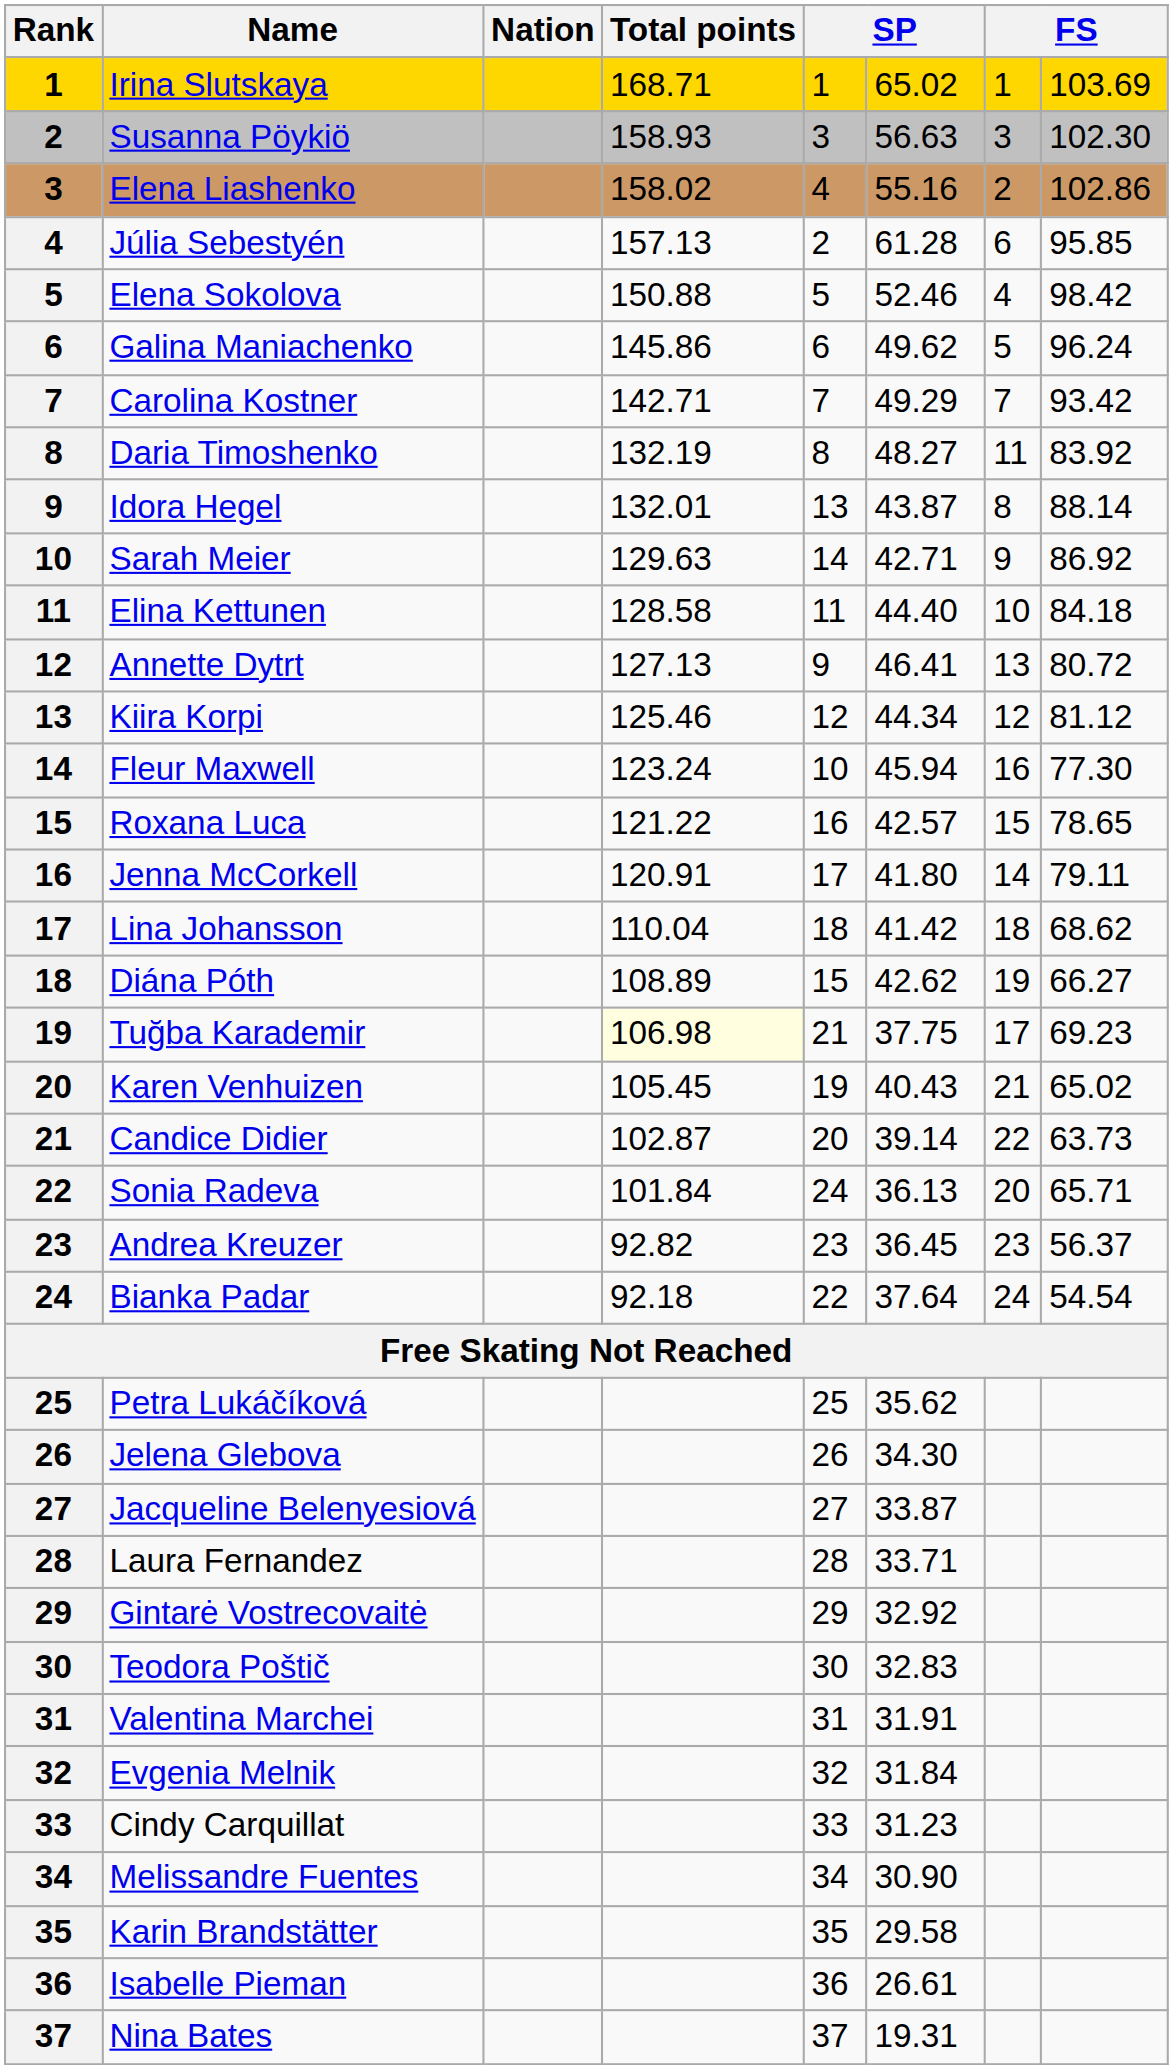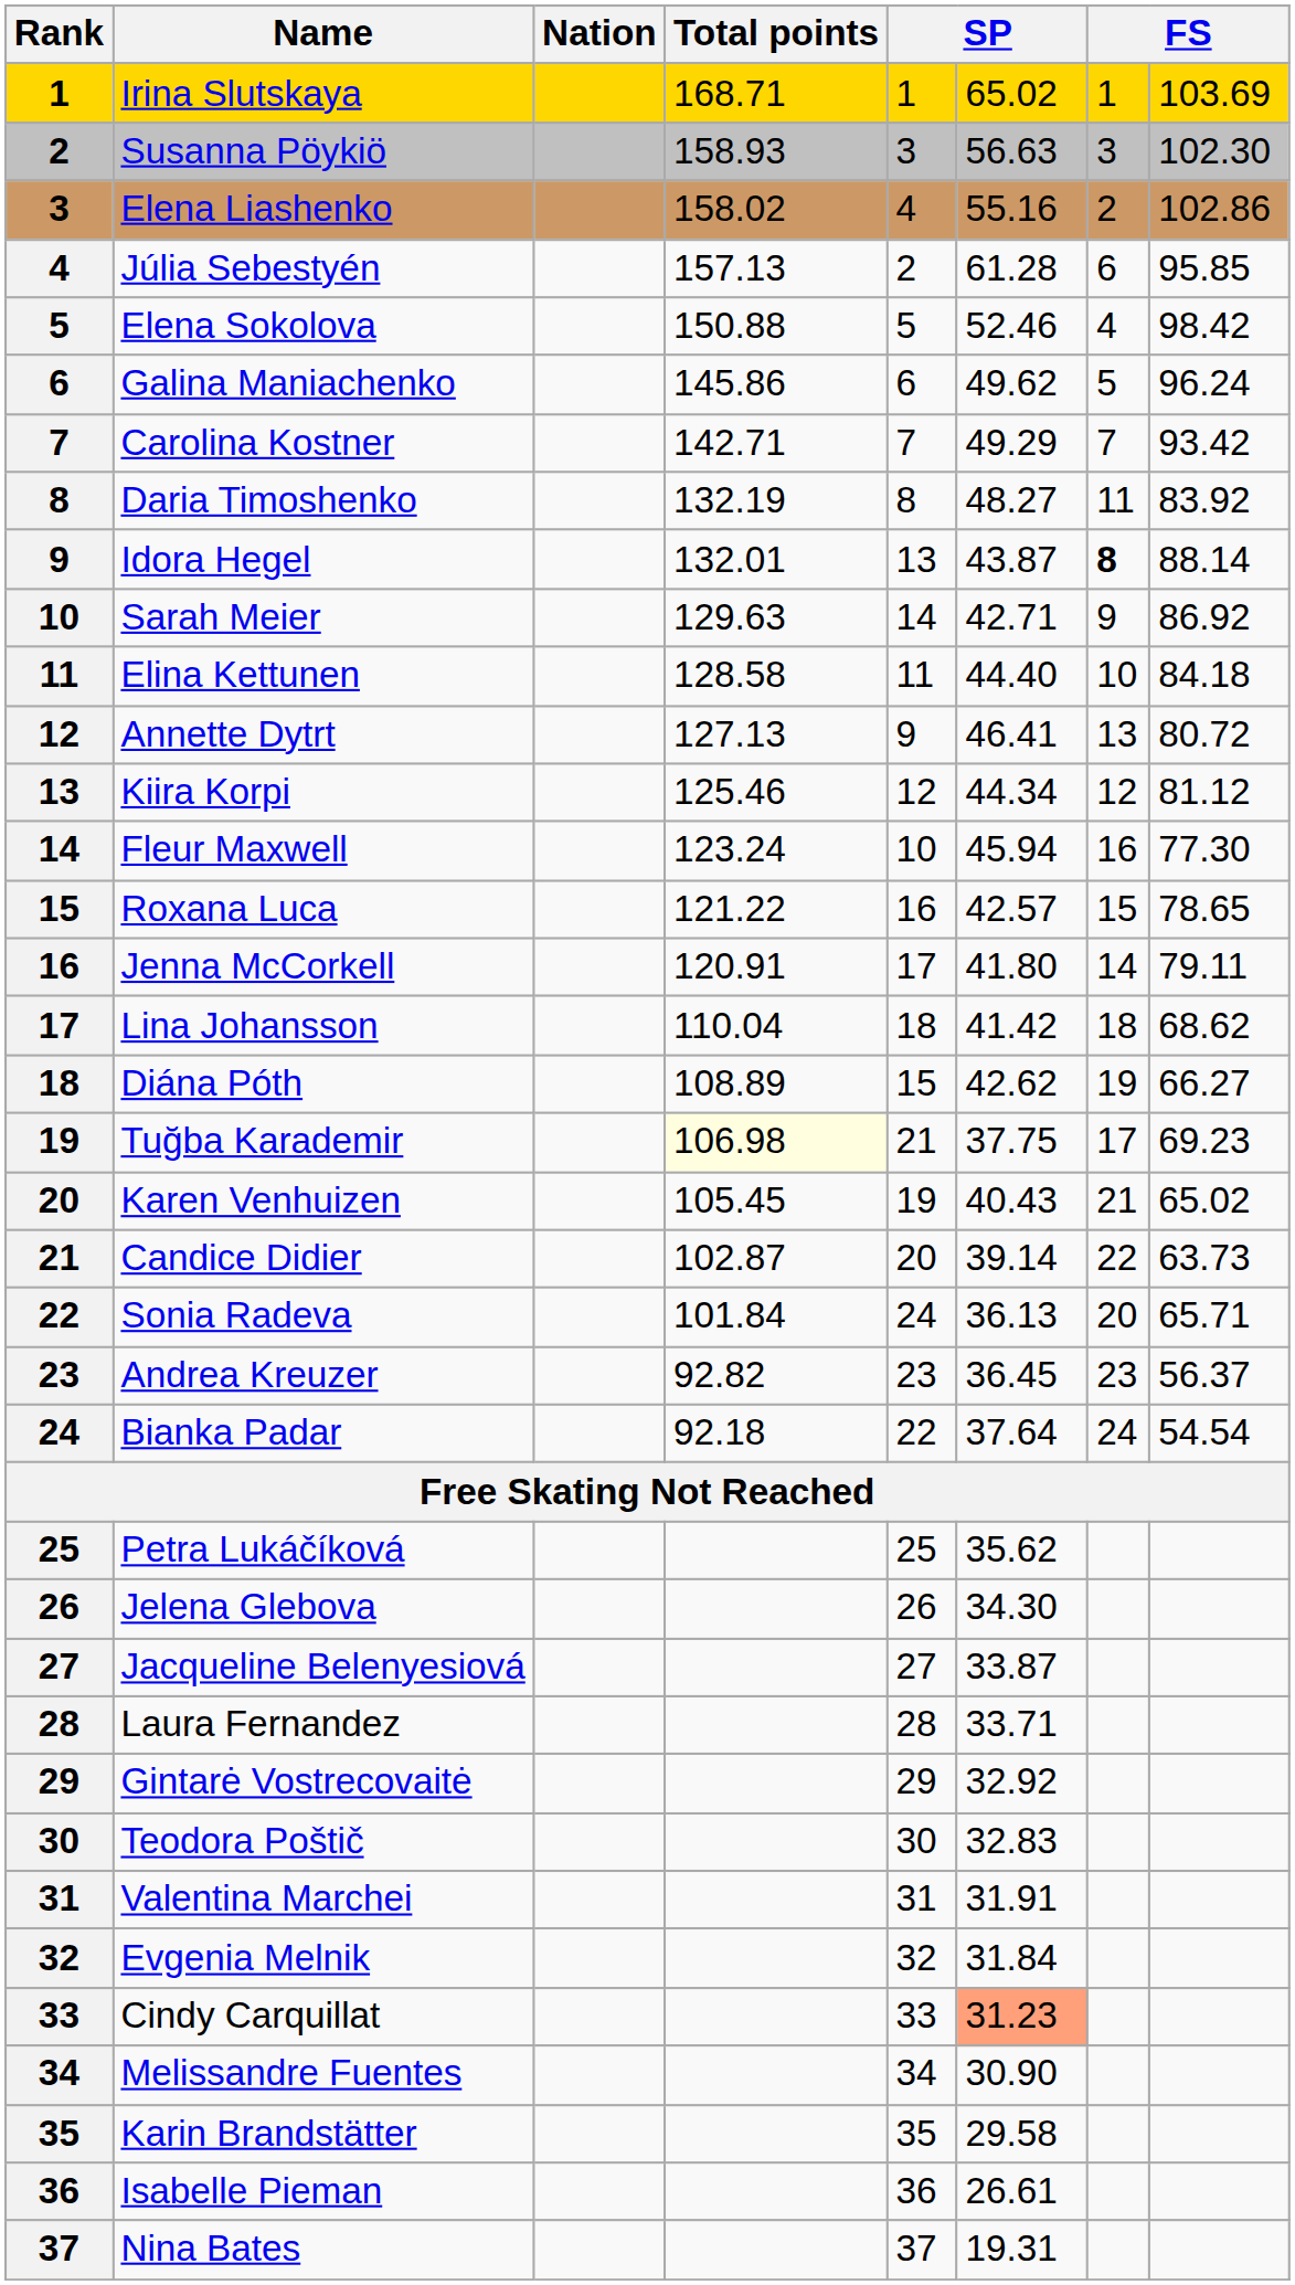 <table class="wikitable">
 <tr>
 <th>Rank</th>
 <th>Name</th>
 <th>Nation</th>
 <th>Total points</th>
 <th colspan="2" width="80px"><a href='#'>SP</a></th>
 <th colspan="2" width="80px"><a href='#'>FS</a></th>
 </tr>
 <tr bgcolor="gold">
 <td align="center"><strong>1</strong></td>
 <td><a href='#'>Irina Slutskaya</a></td>
 <td></td>
 <td>168.71</td>
 <td>1</td>
 <td>65.02</td>
 <td>1</td>
 <td>103.69</td>
 </tr>
 <tr bgcolor="silver">
 <td align="center"><strong>2</strong></td>
 <td><a href='#'>Susanna Pöykiö</a></td>
 <td></td>
 <td>158.93</td>
 <td>3</td>
 <td>56.63</td>
 <td>3</td>
 <td>102.30</td>
 </tr>
 <tr bgcolor="cc9966">
 <td align="center"><strong>3</strong></td>
 <td><a href='#'>Elena Liashenko</a></td>
 <td></td>
 <td>158.02</td>
 <td>4</td>
 <td>55.16</td>
 <td>2</td>
 <td>102.86</td>
 </tr>
 <tr>
 <th>4</th>
 <td><a href='#'>Júlia Sebestyén</a></td>
 <td></td>
 <td>157.13</td>
 <td>2</td>
 <td>61.28</td>
 <td>6</td>
 <td>95.85</td>
 </tr>
 <tr>
 <th>5</th>
 <td><a href='#'>Elena Sokolova</a></td>
 <td></td>
 <td>150.88</td>
 <td>5</td>
 <td>52.46</td>
 <td>4</td>
 <td>98.42</td>
 </tr>
 <tr>
 <th>6</th>
 <td><a href='#'>Galina Maniachenko</a></td>
 <td></td>
 <td>145.86</td>
 <td>6</td>
 <td>49.62</td>
 <td>5</td>
 <td>96.24</td>
 </tr>
 <tr>
 <th>7</th>
 <td><a href='#'>Carolina Kostner</a></td>
 <td></td>
 <td>142.71</td>
 <td>7</td>
 <td>49.29</td>
 <td>7</td>
 <td>93.42</td>
 </tr>
 <tr>
 <th>8</th>
 <td><a href='#'>Daria Timoshenko</a></td>
 <td></td>
 <td>132.19</td>
 <td>8</td>
 <td>48.27</td>
 <td>11</td>
 <td>83.92</td>
 </tr>
 <tr>
 <th>9</th>
 <td><a href='#'>Idora Hegel</a></td>
 <td></td>
 <td>132.01</td>
 <td>13</td>
 <td>43.87</td>
-<td>8</td>
+<td><strong>8</strong></td>
 <td>88.14</td>
 </tr>
 <tr>
 <th>10</th>
 <td><a href='#'>Sarah Meier</a></td>
 <td></td>
 <td>129.63</td>
 <td>14</td>
 <td>42.71</td>
 <td>9</td>
 <td>86.92</td>
 </tr>
 <tr>
 <th>11</th>
 <td><a href='#'>Elina Kettunen</a></td>
 <td></td>
 <td>128.58</td>
 <td>11</td>
 <td>44.40</td>
 <td>10</td>
 <td>84.18</td>
 </tr>
 <tr>
 <th>12</th>
 <td><a href='#'>Annette Dytrt</a></td>
 <td></td>
 <td>127.13</td>
 <td>9</td>
 <td>46.41</td>
 <td>13</td>
 <td>80.72</td>
 </tr>
 <tr>
 <th>13</th>
 <td><a href='#'>Kiira Korpi</a></td>
 <td></td>
 <td>125.46</td>
 <td>12</td>
 <td>44.34</td>
 <td>12</td>
 <td>81.12</td>
 </tr>
 <tr>
 <th>14</th>
 <td><a href='#'>Fleur Maxwell</a></td>
 <td></td>
 <td>123.24</td>
 <td>10</td>
 <td>45.94</td>
 <td>16</td>
 <td>77.30</td>
 </tr>
 <tr>
 <th>15</th>
 <td><a href='#'>Roxana Luca</a></td>
 <td></td>
 <td>121.22</td>
 <td>16</td>
 <td>42.57</td>
 <td>15</td>
 <td>78.65</td>
 </tr>
 <tr>
 <th>16</th>
 <td><a href='#'>Jenna McCorkell</a></td>
 <td></td>
 <td>120.91</td>
 <td>17</td>
 <td>41.80</td>
 <td>14</td>
 <td>79.11</td>
 </tr>
 <tr>
 <th>17</th>
 <td><a href='#'>Lina Johansson</a></td>
 <td></td>
 <td>110.04</td>
 <td>18</td>
 <td>41.42</td>
 <td>18</td>
 <td>68.62</td>
 </tr>
 <tr>
 <th>18</th>
 <td><a href='#'>Diána Póth</a></td>
 <td></td>
 <td>108.89</td>
 <td>15</td>
 <td>42.62</td>
 <td>19</td>
 <td>66.27</td>
 </tr>
 <tr>
 <th>19</th>
 <td><a href='#'>Tuğba Karademir</a></td>
 <td></td>
 <td style="background: lightyellow;">106.98</td>
 <td>21</td>
 <td>37.75</td>
 <td>17</td>
 <td>69.23</td>
 </tr>
 <tr>
 <th>20</th>
 <td><a href='#'>Karen Venhuizen</a></td>
 <td></td>
 <td>105.45</td>
 <td>19</td>
 <td>40.43</td>
 <td>21</td>
 <td>65.02</td>
 </tr>
 <tr>
 <th>21</th>
 <td><a href='#'>Candice Didier</a></td>
 <td></td>
 <td>102.87</td>
 <td>20</td>
 <td>39.14</td>
 <td>22</td>
 <td>63.73</td>
 </tr>
 <tr>
 <th>22</th>
 <td><a href='#'>Sonia Radeva</a></td>
 <td></td>
 <td>101.84</td>
 <td>24</td>
 <td>36.13</td>
 <td>20</td>
 <td>65.71</td>
 </tr>
 <tr>
 <th>23</th>
 <td><a href='#'>Andrea Kreuzer</a></td>
 <td></td>
 <td>92.82</td>
 <td>23</td>
 <td>36.45</td>
 <td>23</td>
 <td>56.37</td>
 </tr>
 <tr>
 <th>24</th>
 <td><a href='#'>Bianka Padar</a></td>
 <td></td>
 <td>92.18</td>
 <td>22</td>
 <td>37.64</td>
 <td>24</td>
 <td>54.54</td>
 </tr>
 <tr>
 <th colspan=8>Free Skating Not Reached</th>
 </tr>
 <tr>
 <th>25</th>
 <td><a href='#'>Petra Lukáčíková</a></td>
 <td></td>
 <td></td>
 <td>25</td>
 <td>35.62</td>
 <td></td>
 <td></td>
 </tr>
 <tr>
 <th>26</th>
 <td><a href='#'>Jelena Glebova</a></td>
 <td></td>
 <td></td>
 <td>26</td>
 <td>34.30</td>
 <td></td>
 <td></td>
 </tr>
 <tr>
 <th>27</th>
 <td><a href='#'>Jacqueline Belenyesiová</a></td>
 <td></td>
 <td></td>
 <td>27</td>
 <td>33.87</td>
 <td></td>
 <td></td>
 </tr>
 <tr>
 <th>28</th>
 <td>Laura Fernandez</td>
 <td></td>
 <td></td>
 <td>28</td>
 <td>33.71</td>
 <td></td>
 <td></td>
 </tr>
 <tr>
 <th>29</th>
 <td><a href='#'>Gintarė Vostrecovaitė</a></td>
 <td></td>
 <td></td>
 <td>29</td>
 <td>32.92</td>
 <td></td>
 <td></td>
 </tr>
 <tr>
 <th>30</th>
 <td><a href='#'>Teodora Poštič</a></td>
 <td></td>
 <td></td>
 <td>30</td>
 <td>32.83</td>
 <td></td>
 <td></td>
 </tr>
 <tr>
 <th>31</th>
 <td><a href='#'>Valentina Marchei</a></td>
 <td></td>
 <td></td>
 <td>31</td>
 <td>31.91</td>
 <td></td>
 <td></td>
 </tr>
 <tr>
 <th>32</th>
 <td><a href='#'>Evgenia Melnik</a></td>
 <td></td>
 <td></td>
 <td>32</td>
 <td>31.84</td>
 <td></td>
 <td></td>
 </tr>
 <tr>
 <th>33</th>
 <td>Cindy Carquillat</td>
 <td></td>
 <td></td>
 <td>33</td>
-<td>31.23</td>
+<td style="background: lightsalmon;">31.23</td>
 <td></td>
 <td></td>
 </tr>
 <tr>
 <th>34</th>
 <td><a href='#'>Melissandre Fuentes</a></td>
 <td></td>
 <td></td>
 <td>34</td>
 <td>30.90</td>
 <td></td>
 <td></td>
 </tr>
 <tr>
 <th>35</th>
 <td><a href='#'>Karin Brandstätter</a></td>
 <td></td>
 <td></td>
 <td>35</td>
 <td>29.58</td>
 <td></td>
 <td></td>
 </tr>
 <tr>
 <th>36</th>
 <td><a href='#'>Isabelle Pieman</a></td>
 <td></td>
 <td></td>
 <td>36</td>
 <td>26.61</td>
 <td></td>
 <td></td>
 </tr>
 <tr>
 <th>37</th>
 <td><a href='#'>Nina Bates</a></td>
 <td></td>
 <td></td>
 <td>37</td>
 <td>19.31</td>
 <td></td>
 <td></td>
 </tr>
 </table>
